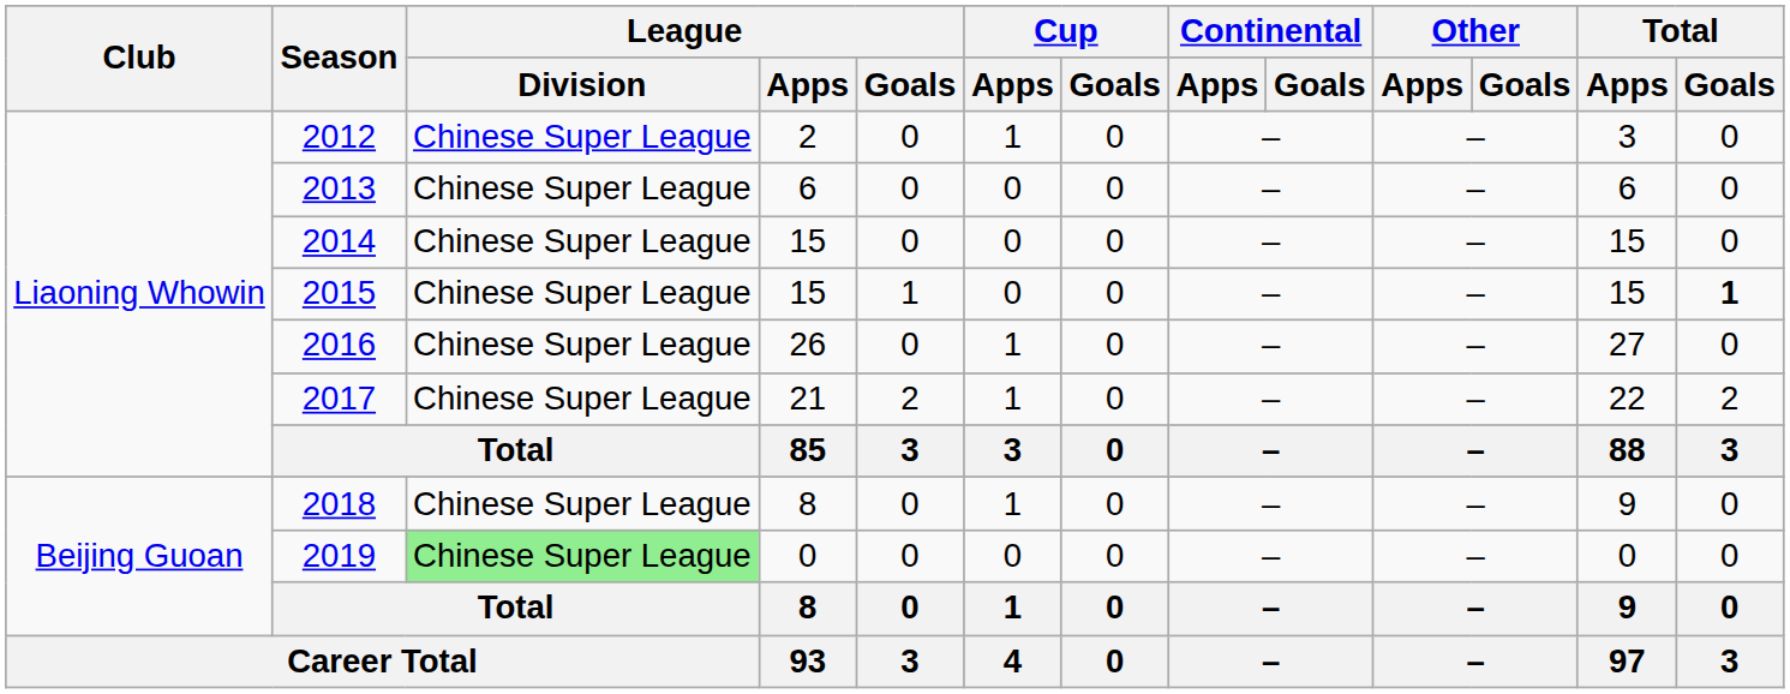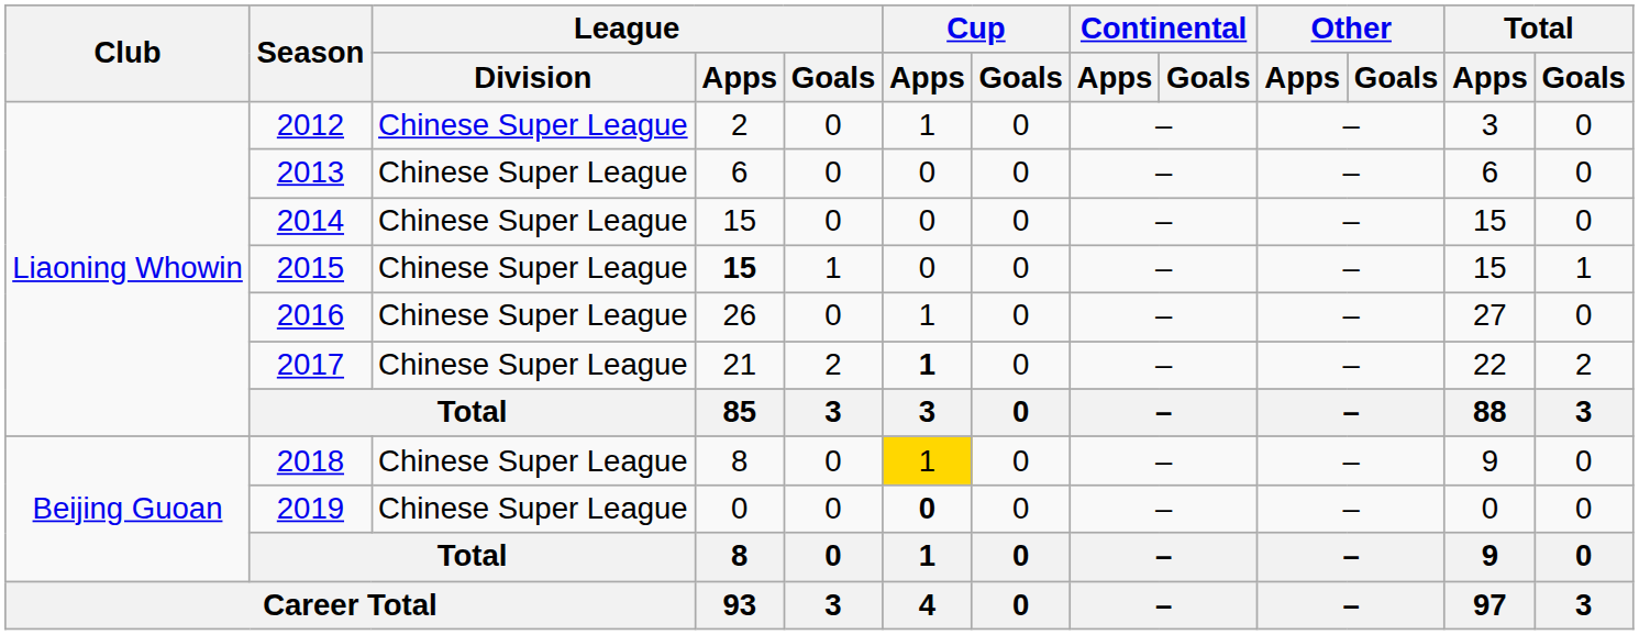 <table class="wikitable" style="text-align:center">
 <tr>
 <th rowspan="2">Club</th>
 <th rowspan="2">Season</th>
 <th colspan="3">League</th>
 <th colspan="2"><a href='#'>Cup</a></th>
 <th colspan="2"><a href='#'>Continental</a></th>
 <th colspan="2"><a href='#'>Other</a></th>
 <th colspan=2>Total</th>
 </tr>
 <tr>
 <th>Division</th>
 <th>Apps</th>
 <th>Goals</th>
 <th>Apps</th>
 <th>Goals</th>
 <th>Apps</th>
 <th>Goals</th>
 <th>Apps</th>
 <th>Goals</th>
 <th>Apps</th>
 <th>Goals</th>
 </tr>
 <tr>
 <td rowspan="7"><a href='#'>Liaoning Whowin</a></td>
 <td><a href='#'>2012</a></td>
 <td><a href='#'>Chinese Super League</a></td>
 <td>2</td>
 <td>0</td>
 <td>1</td>
 <td>0</td>
 <td colspan="2">–</td>
 <td colspan="2">–</td>
 <td>3</td>
 <td>0</td>
 </tr>
 <tr>
 <td><a href='#'>2013</a></td>
 <td>Chinese Super League</td>
 <td>6</td>
 <td>0</td>
 <td>0</td>
 <td>0</td>
 <td colspan="2">–</td>
 <td colspan="2">–</td>
 <td>6</td>
 <td>0</td>
 </tr>
 <tr>
 <td><a href='#'>2014</a></td>
 <td>Chinese Super League</td>
 <td>15</td>
 <td>0</td>
 <td>0</td>
 <td>0</td>
 <td colspan="2">–</td>
 <td colspan="2">–</td>
 <td>15</td>
 <td>0</td>
 </tr>
 <tr>
 <td><a href='#'>2015</a></td>
 <td>Chinese Super League</td>
-<td>15</td>
+<td><strong>15</strong></td>
 <td>1</td>
 <td>0</td>
 <td>0</td>
 <td colspan="2">–</td>
 <td colspan="2">–</td>
 <td>15</td>
-<td><strong>1</strong></td>
+<td>1</td>
 </tr>
 <tr>
 <td><a href='#'>2016</a></td>
 <td>Chinese Super League</td>
 <td>26</td>
 <td>0</td>
 <td>1</td>
 <td>0</td>
 <td colspan="2">–</td>
 <td colspan="2">–</td>
 <td>27</td>
 <td>0</td>
 </tr>
 <tr>
 <td><a href='#'>2017</a></td>
 <td>Chinese Super League</td>
 <td>21</td>
 <td>2</td>
-<td>1</td>
+<td><strong>1</strong></td>
 <td>0</td>
 <td colspan="2">–</td>
 <td colspan="2">–</td>
 <td>22</td>
 <td>2</td>
 </tr>
 <tr>
 <th colspan="2">Total</th>
 <th>85</th>
 <th>3</th>
 <th>3</th>
 <th>0</th>
 <th colspan="2">–</th>
 <th colspan="2">–</th>
 <th>88</th>
 <th>3</th>
 </tr>
 <tr>
 <td rowspan="3"><a href='#'>Beijing Guoan</a></td>
 <td><a href='#'>2018</a></td>
 <td>Chinese Super League</td>
 <td>8</td>
 <td>0</td>
-<td>1</td>
+<td style="background: gold;">1</td>
 <td>0</td>
 <td colspan="2">–</td>
 <td colspan="2">–</td>
 <td>9</td>
 <td>0</td>
 </tr>
 <tr>
 <td><a href='#'>2019</a></td>
-<td style="background: lightgreen;">Chinese Super League</td>
+<td>Chinese Super League</td>
 <td>0</td>
 <td>0</td>
-<td>0</td>
+<td><strong>0</strong></td>
 <td>0</td>
 <td colspan="2">–</td>
 <td colspan="2">–</td>
 <td>0</td>
 <td>0</td>
 </tr>
 <tr>
 <th colspan="2">Total</th>
 <th>8</th>
 <th>0</th>
 <th>1</th>
 <th>0</th>
 <th colspan="2">–</th>
 <th colspan="2">–</th>
 <th>9</th>
 <th>0</th>
 </tr>
 <tr>
 <th colspan="3">Career Total</th>
 <th>93</th>
 <th>3</th>
 <th>4</th>
 <th>0</th>
 <th colspan="2">–</th>
 <th colspan="2">–</th>
 <th>97</th>
 <th>3</th>
 </tr>
 </table>
